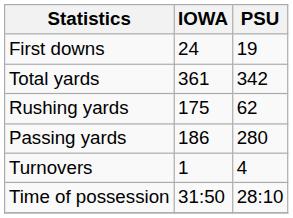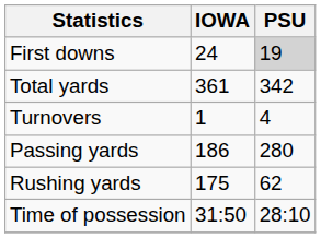 <table class="wikitable">
 <tr>
 <th>Statistics</th>
 <th>IOWA</th>
 <th>PSU</th>
 </tr>
 <tr>
 <td>First downs</td>
 <td>24</td>
-<td>19</td>
+<td style="background: lightgrey;">19</td>
 </tr>
 <tr>
 <td>Total yards</td>
 <td>361</td>
 <td>342</td>
 </tr>
 <tr>
-<td>Rushing yards</td>
-<td>175</td>
-<td>62</td>
+<td>Turnovers</td>
+<td>1</td>
+<td>4</td>
 </tr>
 <tr>
 <td>Passing yards</td>
 <td>186</td>
 <td>280</td>
 </tr>
 <tr>
-<td>Turnovers</td>
-<td>1</td>
-<td>4</td>
+<td>Rushing yards</td>
+<td>175</td>
+<td>62</td>
 </tr>
 <tr>
 <td>Time of possession</td>
 <td>31:50</td>
 <td>28:10</td>
 </tr>
 <tr>
 </tr>
 </table>
